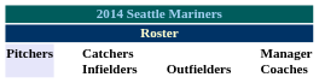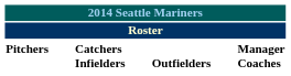 <table class="toccolours" style="font-size: 95%;">
 <tr>
 <th colspan="10" style="background:#005c5c; color:#9eceee; text-align:center;">2014 Seattle Mariners</th>
 </tr>
 <tr>
 <td colspan="10" style="background:#036; color:#fffdd0; text-align:center;"><strong>Roster</strong></td>
 </tr>
 <tr>
-<td valign="top" style="background: lavender;"><strong>Pitchers</strong><br>                   </td>
+<td valign="top"><strong>Pitchers</strong><br>                   </td>
 <td style="width:25px;"></td>
 <td valign="top"><strong>Catchers</strong><br>    <strong>Infielders</strong>          </td>
 <td style="width:25px;"></td>
 <td valign="top"><br><strong>Outfielders</strong>          </td>
 <td style="width:25px;"></td>
 <td valign="top"><strong>Manager</strong><br> <strong>Coaches</strong>                  </td>
 </tr>
 </table>
